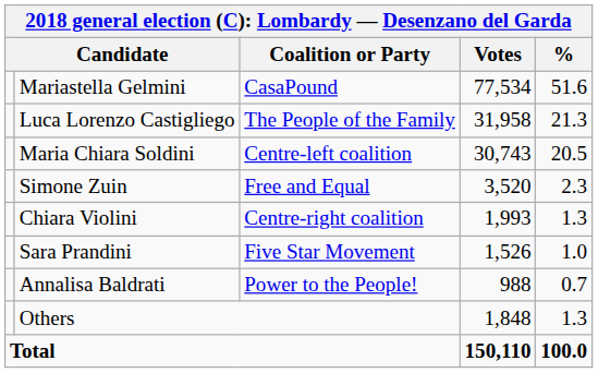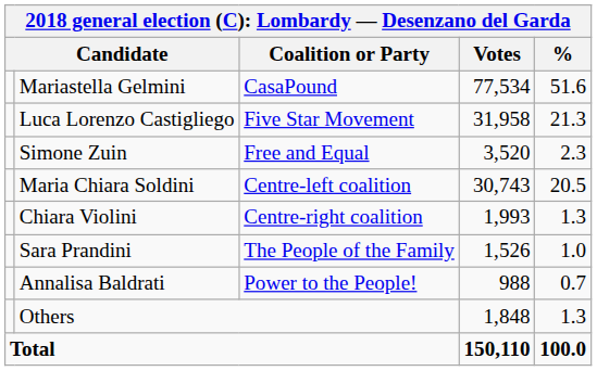 <table class=wikitable style=text-align:right>
 <tr>
 <th colspan=5><a href='#'>2018 general election</a> (<a href='#'>C</a>): <a href='#'>Lombardy</a> — <a href='#'>Desenzano del Garda</a></th>
 </tr>
 <tr>
 <th colspan=2>Candidate</th>
 <th>Coalition or Party</th>
 <th>Votes</th>
 <th>%</th>
 </tr>
 <tr>
 <td></td>
 <td align=left>Mariastella Gelmini</td>
 <td align=left><a href='#'>CasaPound</a></td>
 <td>77,534</td>
 <td>51.6</td>
 </tr>
 <tr>
 <td></td>
 <td align=left>Luca Lorenzo Castigliego</td>
-<td align=left><a href='#'>The People of the Family</a></td>
+<td align=left><a href='#'>Five Star Movement</a></td>
 <td>31,958</td>
 <td>21.3</td>
+</tr>
+<tr>
+<td></td>
+<td align=left>Simone Zuin</td>
+<td align=left><a href='#'>Free and Equal</a></td>
+<td>3,520</td>
+<td>2.3</td>
 </tr>
 <tr>
 <td></td>
 <td align=left>Maria Chiara Soldini</td>
 <td align=left><a href='#'>Centre-left coalition</a></td>
 <td>30,743</td>
 <td>20.5</td>
-</tr>
-<tr>
-<td></td>
-<td align=left>Simone Zuin</td>
-<td align=left><a href='#'>Free and Equal</a></td>
-<td>3,520</td>
-<td>2.3</td>
 </tr>
 <tr>
 <td></td>
 <td align=left>Chiara Violini</td>
 <td align=left><a href='#'>Centre-right coalition</a></td>
 <td>1,993</td>
 <td>1.3</td>
 </tr>
 <tr>
 <td></td>
 <td align=left>Sara Prandini</td>
-<td align=left><a href='#'>Five Star Movement</a></td>
+<td align=left><a href='#'>The People of the Family</a></td>
 <td>1,526</td>
 <td>1.0</td>
 </tr>
 <tr>
 <td></td>
 <td align=left>Annalisa Baldrati</td>
 <td align=left><a href='#'>Power to the People!</a></td>
 <td>988</td>
 <td>0.7</td>
 </tr>
 <tr>
 <td></td>
 <td align=left colspan=2>Others</td>
 <td>1,848</td>
 <td>1.3</td>
 </tr>
 <tr>
 <td align=left colspan=3><strong>Total</strong></td>
 <td><strong>150,110</strong></td>
 <td><strong>100.0</strong></td>
 </tr>
 </table>
